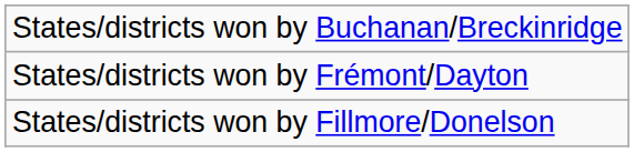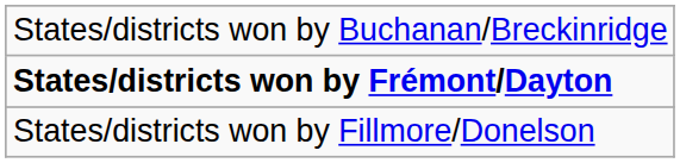 <table class="wikitable">
 <tr>
 <td>States/districts won by <a href='#'>Buchanan</a>/<a href='#'>Breckinridge</a></td>
 </tr>
 <tr>
-<td>States/districts won by <a href='#'>Frémont</a>/<a href='#'>Dayton</a></td>
+<td><strong>States/districts won by <a href='#'>Frémont</a>/<a href='#'>Dayton</a></strong></td>
 </tr>
 <tr>
 <td>States/districts won by <a href='#'>Fillmore</a>/<a href='#'>Donelson</a></td>
 </tr>
 </table>
